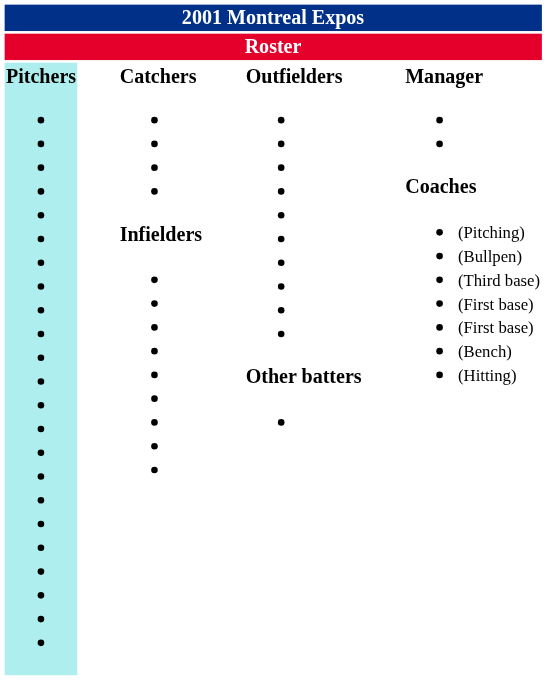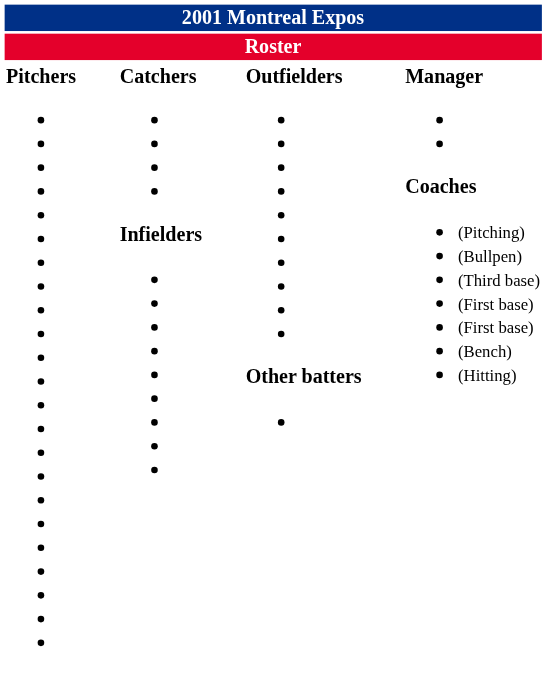 <table class="toccolours" style="font-size: 95%;">
 <tr>
 <th colspan="10" style="background-color: #003087; color: #FFFFFF; text-align: center;">2001 Montreal Expos</th>
 </tr>
 <tr>
 <td colspan="10" style="background-color: #E4002B; color: #FFFFFF; text-align: center;"><strong>Roster</strong></td>
 </tr>
 <tr>
-<td valign="top" style="background: paleturquoise;"><strong>Pitchers</strong><br><ul><li></li><li></li><li></li><li></li><li></li><li></li><li></li><li></li><li></li><li></li><li></li><li></li><li></li><li></li><li></li><li></li><li></li><li></li><li></li><li></li><li></li><li></li><li></li></ul></td>
+<td valign="top"><strong>Pitchers</strong><br><ul><li></li><li></li><li></li><li></li><li></li><li></li><li></li><li></li><li></li><li></li><li></li><li></li><li></li><li></li><li></li><li></li><li></li><li></li><li></li><li></li><li></li><li></li><li></li></ul></td>
 <td width="25px"></td>
 <td valign="top"><strong>Catchers</strong><br><ul><li></li><li></li><li></li><li></li></ul><strong>Infielders</strong><ul><li></li><li></li><li></li><li></li><li></li><li></li><li></li><li></li><li></li></ul></td>
 <td width="25px"></td>
 <td valign="top"><strong>Outfielders</strong><br><ul><li></li><li></li><li></li><li></li><li></li><li></li><li></li><li></li><li></li><li></li></ul><strong>Other batters</strong><ul><li></li></ul></td>
 <td width="25px"></td>
 <td valign="top"><strong>Manager</strong><br><ul><li></li><li></li></ul><strong>Coaches</strong><ul><li> <small>(Pitching)</small></li><li> <small>(Bullpen)</small></li><li> <small>(Third base)</small></li><li> <small>(First base)</small></li><li> <small>(First base)</small></li><li> <small>(Bench)</small></li><li> <small>(Hitting)</small></li></ul></td>
 </tr>
 </table>
